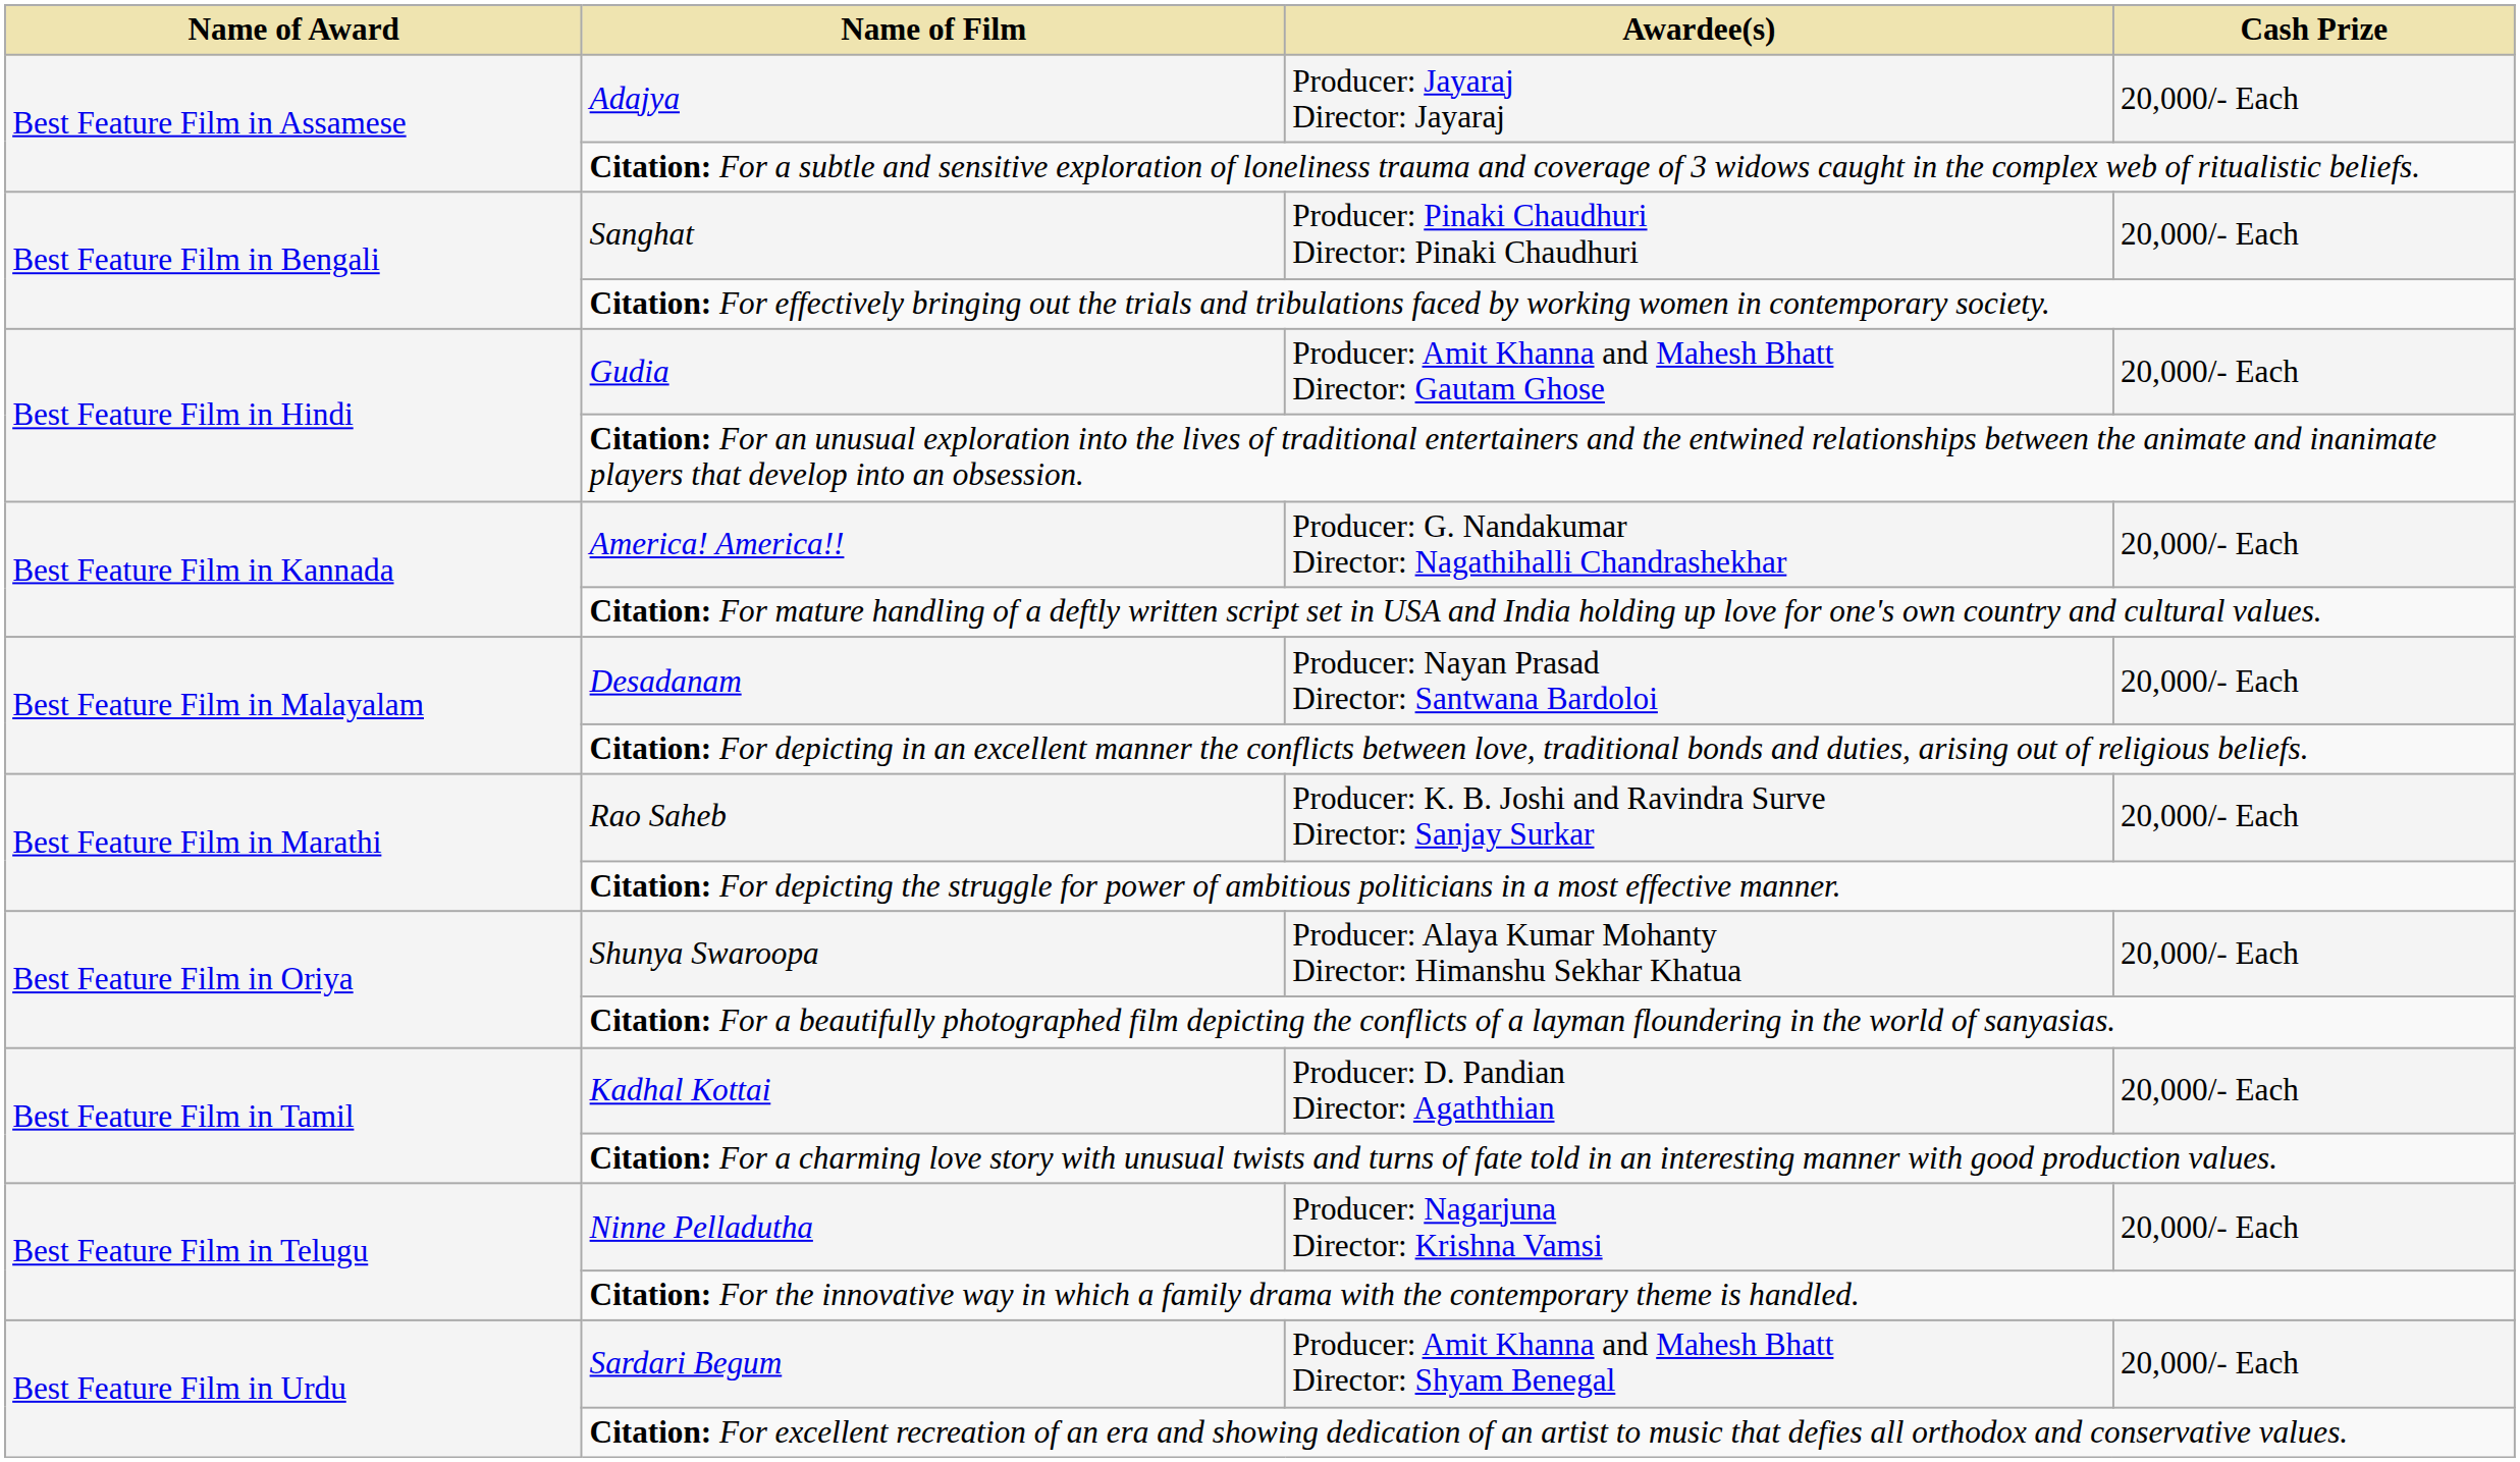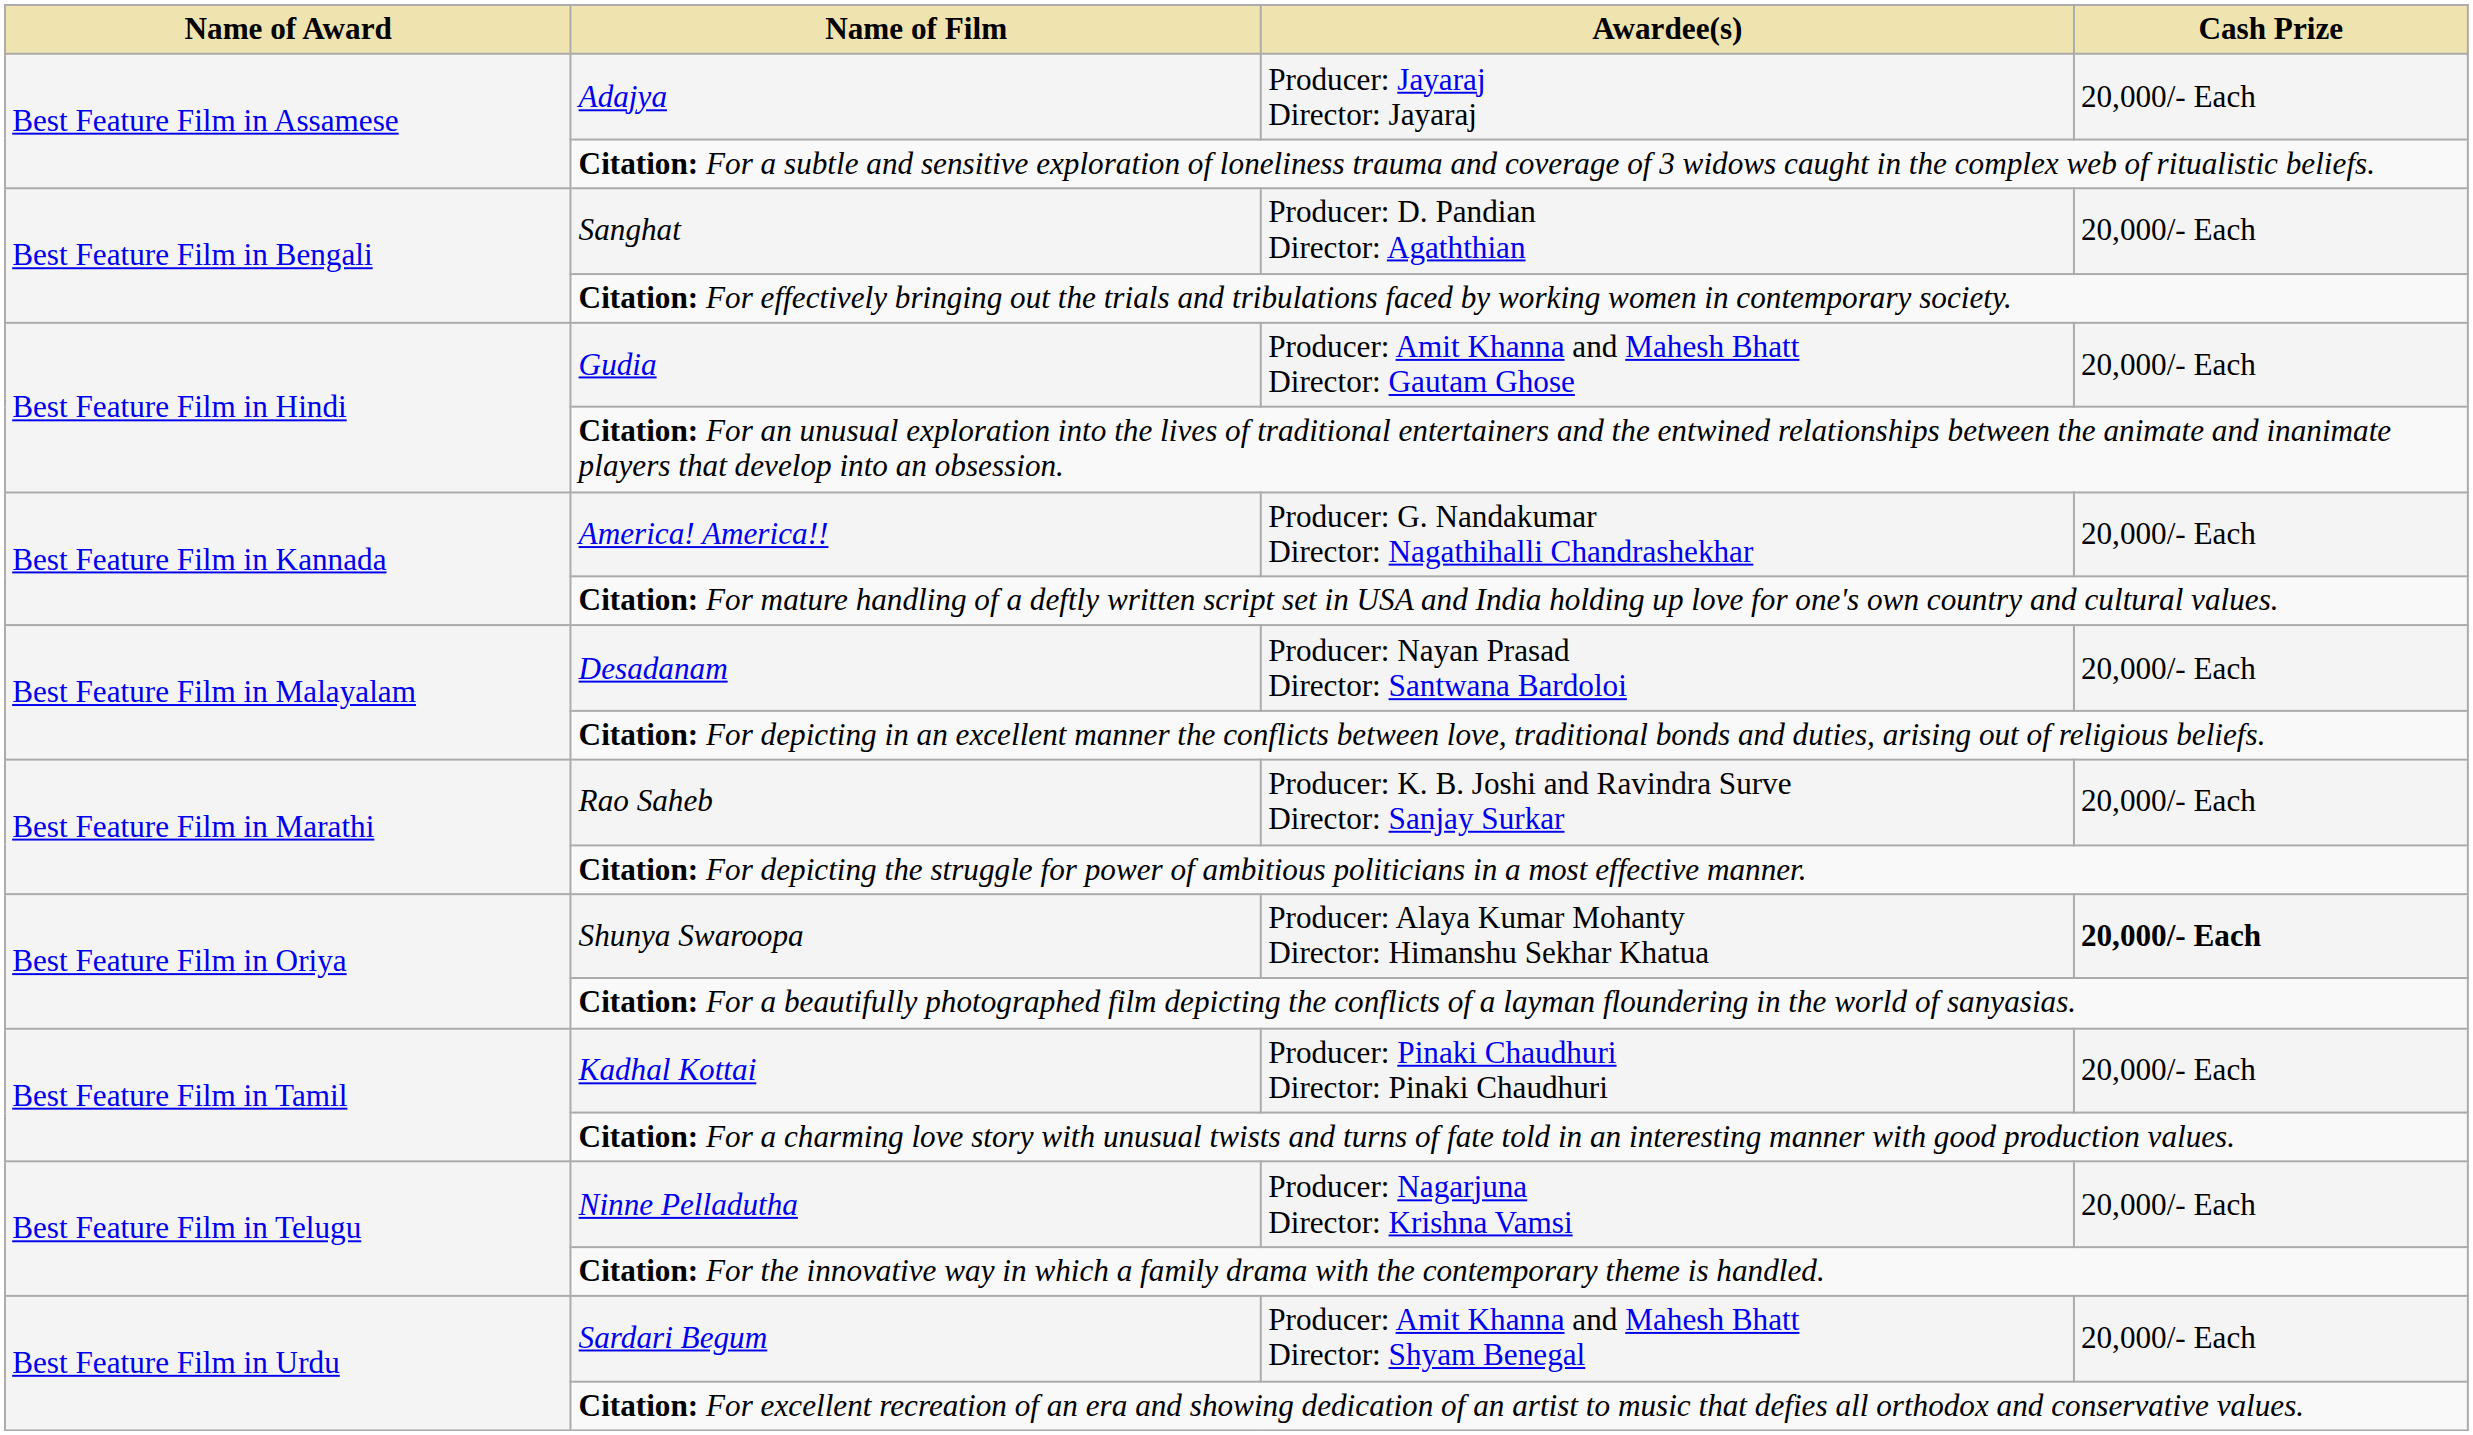 <table class="wikitable" style="width:100%;">
 <tr>
 <th style="background-color:#EFE4B0;width:23%;">Name of Award</th>
 <th style="background-color:#EFE4B0;width:28%;">Name of Film</th>
 <th style="background-color:#EFE4B0;width:33%;">Awardee(s)</th>
 <th style="background-color:#EFE4B0;width:16%;">Cash Prize</th>
 </tr>
 <tr style="background-color:#F4F4F4">
 <td rowspan="2"><a href='#'>Best Feature Film in Assamese</a></td>
 <td><em><a href='#'>Adajya</a></em></td>
 <td>Producer: <a href='#'>Jayaraj</a><br>Director: Jayaraj</td>
 <td> 20,000/- Each</td>
 </tr>
 <tr style="background-color:#F9F9F9">
 <td colspan="3"><strong>Citation:</strong> <em>For a subtle and sensitive exploration of loneliness trauma and coverage of 3 widows caught in the complex web of ritualistic beliefs.</em></td>
 </tr>
 <tr style="background-color:#F4F4F4">
 <td rowspan="2"><a href='#'>Best Feature Film in Bengali</a></td>
 <td><em>Sanghat</em></td>
-<td>Producer: <a href='#'>Pinaki Chaudhuri</a><br>Director: Pinaki Chaudhuri</td>
+<td>Producer: D. Pandian<br>Director: <a href='#'>Agaththian</a></td>
 <td> 20,000/- Each</td>
 </tr>
 <tr style="background-color:#F9F9F9">
 <td colspan="3"><strong>Citation:</strong> <em>For effectively bringing out the trials and tribulations faced by working women in contemporary society.</em></td>
 </tr>
 <tr style="background-color:#F4F4F4">
 <td rowspan="2"><a href='#'>Best Feature Film in Hindi</a></td>
 <td><em><a href='#'>Gudia</a></em></td>
 <td>Producer: <a href='#'>Amit Khanna</a> and <a href='#'>Mahesh Bhatt</a><br>Director: <a href='#'>Gautam Ghose</a></td>
 <td> 20,000/- Each</td>
 </tr>
 <tr style="background-color:#F9F9F9">
 <td colspan="3"><strong>Citation:</strong> <em>For an unusual exploration into the lives of traditional entertainers and the entwined relationships between the animate and inanimate players that develop into an obsession.</em></td>
 </tr>
 <tr style="background-color:#F4F4F4">
 <td rowspan="2"><a href='#'>Best Feature Film in Kannada</a></td>
 <td><em><a href='#'>America! America!!</a></em></td>
 <td>Producer: G. Nandakumar<br>Director: <a href='#'>Nagathihalli Chandrashekhar</a></td>
 <td> 20,000/- Each</td>
 </tr>
 <tr style="background-color:#F9F9F9">
 <td colspan="3"><strong>Citation:</strong> <em>For mature handling of a deftly written script set in USA and India holding up love for one's own country and cultural values.</em></td>
 </tr>
 <tr style="background-color:#F4F4F4">
 <td rowspan="2"><a href='#'>Best Feature Film in Malayalam</a></td>
 <td><em><a href='#'>Desadanam</a></em></td>
 <td>Producer: Nayan Prasad<br>Director: <a href='#'>Santwana Bardoloi</a></td>
 <td> 20,000/- Each</td>
 </tr>
 <tr style="background-color:#F9F9F9">
 <td colspan="3"><strong>Citation:</strong> <em>For depicting in an excellent manner the conflicts between love, traditional bonds and duties, arising out of religious beliefs.</em></td>
 </tr>
 <tr style="background-color:#F4F4F4">
 <td rowspan="2"><a href='#'>Best Feature Film in Marathi</a></td>
 <td><em>Rao Saheb</em></td>
 <td>Producer: K. B. Joshi and Ravindra Surve<br>Director: <a href='#'>Sanjay Surkar</a></td>
 <td> 20,000/- Each</td>
 </tr>
 <tr style="background-color:#F9F9F9">
 <td colspan="3"><strong>Citation:</strong> <em>For depicting the struggle for power of ambitious politicians in a most effective manner.</em></td>
 </tr>
 <tr style="background-color:#F4F4F4">
 <td rowspan="2"><a href='#'>Best Feature Film in Oriya</a></td>
 <td><em>Shunya Swaroopa</em></td>
 <td>Producer: Alaya Kumar Mohanty<br>Director: Himanshu Sekhar Khatua</td>
-<td> 20,000/- Each</td>
+<td><strong> 20,000/- Each</strong></td>
 </tr>
 <tr style="background-color:#F9F9F9">
 <td colspan="3"><strong>Citation:</strong> <em>For a beautifully photographed film depicting the conflicts of a layman floundering in the world of sanyasias.</em></td>
 </tr>
 <tr style="background-color:#F4F4F4">
 <td rowspan="2"><a href='#'>Best Feature Film in Tamil</a></td>
 <td><em><a href='#'>Kadhal Kottai</a></em></td>
-<td>Producer: D. Pandian<br>Director: <a href='#'>Agaththian</a></td>
+<td>Producer: <a href='#'>Pinaki Chaudhuri</a><br>Director: Pinaki Chaudhuri</td>
 <td> 20,000/- Each</td>
 </tr>
 <tr style="background-color:#F9F9F9">
 <td colspan="3"><strong>Citation:</strong> <em>For a charming love story with unusual twists and turns of fate told in an interesting manner with good production values.</em></td>
 </tr>
 <tr style="background-color:#F4F4F4">
 <td rowspan="2"><a href='#'>Best Feature Film in Telugu</a></td>
 <td><em><a href='#'>Ninne Pelladutha</a></em></td>
 <td>Producer: <a href='#'>Nagarjuna</a><br>Director: <a href='#'>Krishna Vamsi</a></td>
 <td> 20,000/- Each</td>
 </tr>
 <tr style="background-color:#F9F9F9">
 <td colspan="3"><strong>Citation:</strong> <em>For the innovative way in which a family drama with the contemporary theme is handled.</em></td>
 </tr>
 <tr style="background-color:#F4F4F4">
 <td rowspan="2"><a href='#'>Best Feature Film in Urdu</a></td>
 <td><em><a href='#'>Sardari Begum</a></em></td>
 <td>Producer: <a href='#'>Amit Khanna</a> and <a href='#'>Mahesh Bhatt</a><br>Director: <a href='#'>Shyam Benegal</a></td>
 <td> 20,000/- Each</td>
 </tr>
 <tr style="background-color:#F9F9F9">
 <td colspan="3"><strong>Citation:</strong> <em>For excellent recreation of an era and showing dedication of an artist to music that defies all orthodox and conservative values.</em></td>
 </tr>
 </table>
